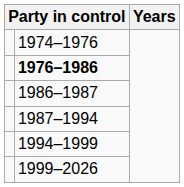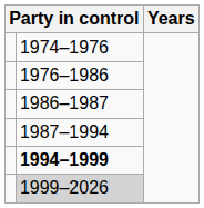 <table class="wikitable">
 <tr>
 <th colspan=2>Party in control</th>
 <th>Years</th>
 </tr>
 <tr>
 <td></td>
 <td>1974–1976</td>
 </tr>
 <tr>
 <td></td>
-<td><strong>1976–1986</strong></td>
+<td>1976–1986</td>
 </tr>
 <tr>
 <td></td>
 <td>1986–1987</td>
 </tr>
 <tr>
 <td></td>
 <td>1987–1994</td>
 </tr>
 <tr>
 <td></td>
-<td>1994–1999</td>
+<td><strong>1994–1999</strong></td>
 </tr>
 <tr>
 <td></td>
-<td>1999–2026</td>
+<td style="background: lightgrey;">1999–2026</td>
 </tr>
 </table>
